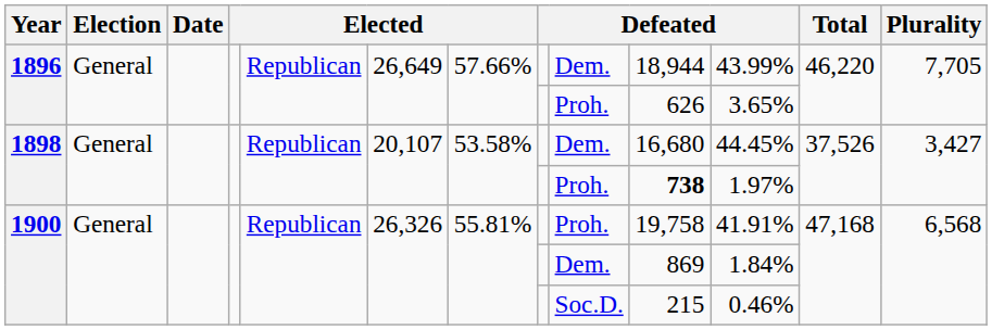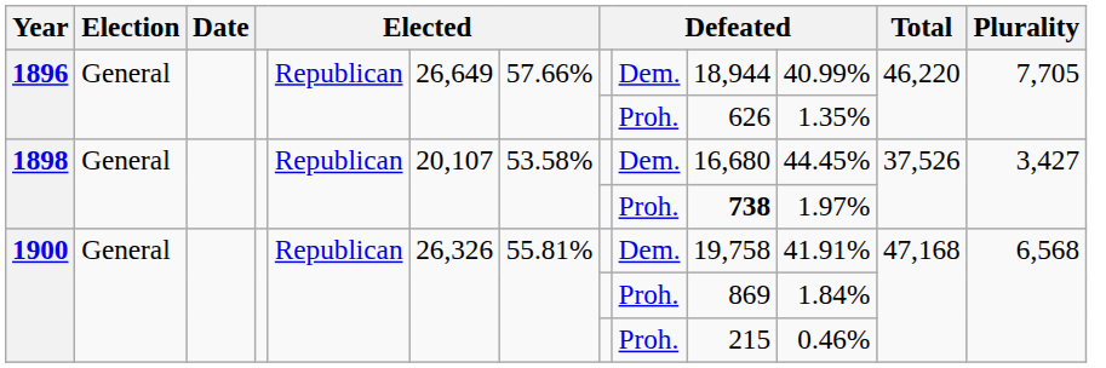 <table class=wikitable>
 <tr>
 <th>Year</th>
 <th>Election</th>
 <th>Date</th>
 <th ! colspan="4">Elected</th>
 <th ! colspan="4">Defeated</th>
 <th>Total</th>
 <th>Plurality</th>
 </tr>
 <tr>
 <th rowspan="2" valign="top"><a href='#'>1896</a></th>
 <td rowspan="2" valign="top">General</td>
 <td rowspan="2" valign="top"></td>
 <td rowspan="2" valign="top"></td>
 <td rowspan="2" valign="top" ><a href='#'>Republican</a></td>
 <td rowspan="2" valign="top" align="right">26,649</td>
 <td rowspan="2" valign="top" align="right">57.66%</td>
 <td valign="top"></td>
 <td><a href='#'>Dem.</a></td>
 <td valign="top" align="right">18,944</td>
-<td valign="top" align="right">43.99%</td>
+<td valign="top" align="right">40.99%</td>
 <td rowspan="2" valign="top" align="right">46,220</td>
 <td rowspan="2" valign="top" align="right">7,705</td>
 </tr>
 <tr>
 <td valign="top"></td>
 <td><a href='#'>Proh.</a></td>
 <td valign="top" align="right">626</td>
-<td valign="top" align="right">3.65%</td>
+<td valign="top" align="right">1.35%</td>
 </tr>
 <tr>
 <th rowspan="2" valign="top"><a href='#'>1898</a></th>
 <td rowspan="2" valign="top">General</td>
 <td rowspan="2" valign="top"></td>
 <td rowspan="2" valign="top"></td>
 <td rowspan="2" valign="top" ><a href='#'>Republican</a></td>
 <td rowspan="2" valign="top" align="right">20,107</td>
 <td rowspan="2" valign="top" align="right">53.58%</td>
 <td valign="top"></td>
 <td><a href='#'>Dem.</a></td>
 <td valign="top" align="right">16,680</td>
 <td valign="top" align="right">44.45%</td>
 <td rowspan="2" valign="top" align="right">37,526</td>
 <td rowspan="2" valign="top" align="right">3,427</td>
 </tr>
 <tr>
 <td valign="top"></td>
 <td><a href='#'>Proh.</a></td>
 <td valign="top" align="right"><strong>738</strong></td>
 <td valign="top" align="right">1.97%</td>
 </tr>
 <tr>
 <th rowspan="3" valign="top"><a href='#'>1900</a></th>
 <td rowspan="3" valign="top">General</td>
 <td rowspan="3" valign="top"></td>
 <td rowspan="3" valign="top"></td>
 <td rowspan="3" valign="top" ><a href='#'>Republican</a></td>
 <td rowspan="3" valign="top" align="right">26,326</td>
 <td rowspan="3" valign="top" align="right">55.81%</td>
 <td valign="top"></td>
-<td><a href='#'>Proh.</a></td>
+<td><a href='#'>Dem.</a></td>
 <td valign="top" align="right">19,758</td>
 <td valign="top" align="right">41.91%</td>
 <td rowspan="3" valign="top" align="right">47,168</td>
 <td rowspan="3" valign="top" align="right">6,568</td>
 </tr>
 <tr>
 <td valign="top"></td>
-<td><a href='#'>Dem.</a></td>
+<td><a href='#'>Proh.</a></td>
 <td valign="top" align="right">869</td>
 <td valign="top" align="right">1.84%</td>
 </tr>
 <tr>
 <td valign="top"></td>
-<td><a href='#'>Soc.D.</a></td>
+<td><a href='#'>Proh.</a></td>
 <td valign="top" align="right">215</td>
 <td valign="top" align="right">0.46%</td>
 </tr>
 </table>
